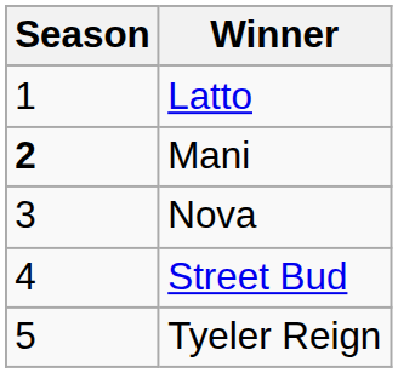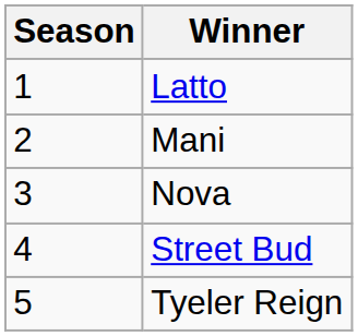 <table class="wikitable">
 <tr>
 <th>Season</th>
 <th>Winner</th>
 </tr>
 <tr>
 <td>1</td>
 <td><a href='#'>Latto</a></td>
 </tr>
 <tr>
-<td><strong>2</strong></td>
+<td>2</td>
 <td>Mani</td>
 </tr>
 <tr>
 <td>3</td>
 <td>Nova</td>
 </tr>
 <tr>
 <td>4</td>
 <td><a href='#'>Street Bud</a></td>
 </tr>
 <tr>
 <td>5</td>
 <td>Tyeler Reign</td>
 </tr>
 </table>
